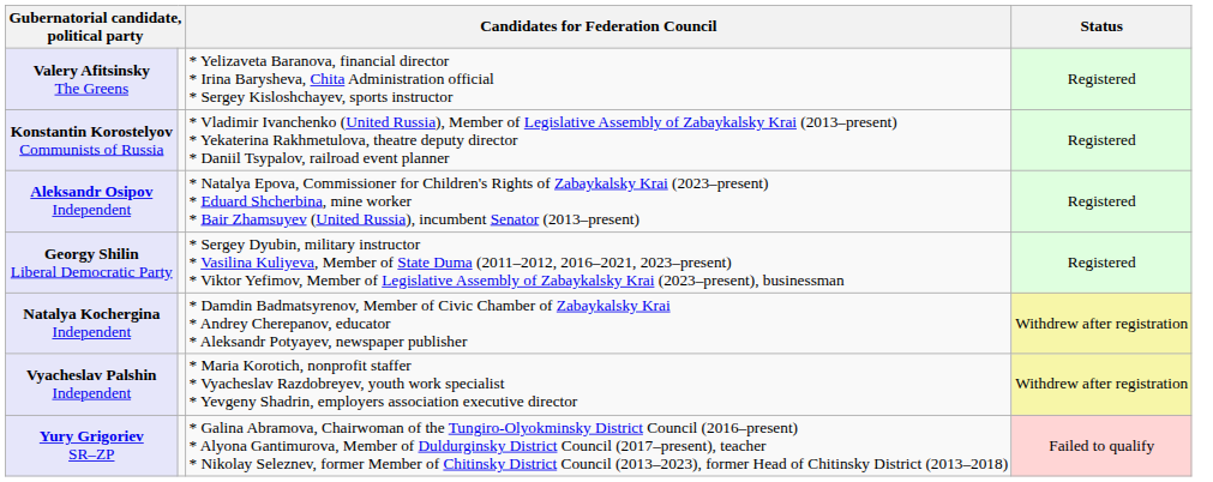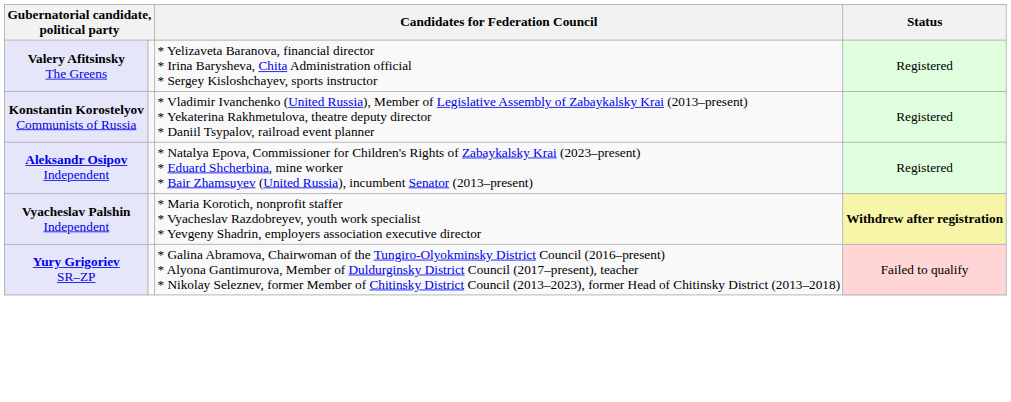 <table class="wikitable" style="text-align:center;">
 <tr>
 <th colspan="2">Gubernatorial candidate,<br>political party</th>
 <th>Candidates for Federation Council</th>
 <th>Status</th>
 </tr>
 <tr>
 <td style="background:lavender;"><strong>Valery Afitsinsky</strong><br><a href='#'>The Greens</a></td>
 <td style="background-color:"></td>
 <td align=left>* Yelizaveta Baranova, financial director<br>* Irina Barysheva, <a href='#'>Chita</a> Administration official<br>* Sergey Kisloshchayev, sports instructor</td>
 <td bgcolor="#DFFFDF">Registered</td>
 </tr>
 <tr>
 <td style="background:lavender;"><strong>Konstantin Korostelyov</strong><br><a href='#'>Communists of Russia</a></td>
 <td style="background-color:"></td>
 <td align=left>* Vladimir Ivanchenko (<a href='#'>United Russia</a>), Member of <a href='#'>Legislative Assembly of Zabaykalsky Krai</a> (2013–present)<br>* Yekaterina Rakhmetulova, theatre deputy director<br>* Daniil Tsypalov, railroad event planner</td>
 <td bgcolor="#DFFFDF">Registered</td>
 </tr>
 <tr>
 <td style="background:lavender;"><strong><a href='#'>Aleksandr Osipov</a></strong><br><a href='#'>Independent</a></td>
 <td style="background-color:"></td>
 <td align=left>* Natalya Epova, Commissioner for Children's Rights of <a href='#'>Zabaykalsky Krai</a> (2023–present)<br>* <a href='#'>Eduard Shcherbina</a>, mine worker<br>* <a href='#'>Bair Zhamsuyev</a> (<a href='#'>United Russia</a>), incumbent <a href='#'>Senator</a> (2013–present)</td>
 <td bgcolor="#DFFFDF">Registered</td>
 </tr>
 <tr>
-<td style="background:lavender;"><strong>Georgy Shilin</strong><br><a href='#'>Liberal Democratic Party</a></td>
-<td style="background-color:"></td>
-<td align=left>* Sergey Dyubin, military instructor<br>* <a href='#'>Vasilina Kuliyeva</a>, Member of <a href='#'>State Duma</a> (2011–2012, 2016–2021, 2023–present)<br>* Viktor Yefimov, Member of <a href='#'>Legislative Assembly of Zabaykalsky Krai</a> (2023–present), businessman</td>
-<td bgcolor="#DFFFDF">Registered</td>
-</tr>
-<tr>
-<td style="background:lavender;"><strong>Natalya Kochergina</strong><br><a href='#'>Independent</a></td>
-<td style="background-color:"></td>
-<td align=left>* Damdin Badmatsyrenov, Member of Civic Chamber of <a href='#'>Zabaykalsky Krai</a><br>* Andrey Cherepanov, educator<br>* Aleksandr Potyayev, newspaper publisher</td>
-<td bgcolor="#F7F6A8">Withdrew after registration</td>
-</tr>
-<tr>
 <td style="background:lavender;"><strong>Vyacheslav Palshin</strong><br><a href='#'>Independent</a></td>
 <td style="background-color:"></td>
 <td align=left>* Maria Korotich, nonprofit staffer<br>* Vyacheslav Razdobreyev, youth work specialist<br>* Yevgeny Shadrin, employers association executive director</td>
-<td bgcolor="#F7F6A8">Withdrew after registration</td>
+<td bgcolor="#F7F6A8"><strong>Withdrew after registration</strong></td>
 </tr>
 <tr>
 <td style="background:lavender;"><strong><a href='#'>Yury Grigoriev</a></strong><br><a href='#'>SR–ZP</a></td>
 <td style="background-color:"></td>
 <td align=left>* Galina Abramova, Chairwoman of the <a href='#'>Tungiro-Olyokminsky District</a> Council (2016–present)<br>* Alyona Gantimurova, Member of <a href='#'>Duldurginsky District</a> Council (2017–present), teacher<br>* Nikolay Seleznev, former Member of <a href='#'>Chitinsky District</a> Council (2013–2023), former Head of Chitinsky District (2013–2018)</td>
 <td bgcolor="#FFD5D5">Failed to qualify</td>
 </tr>
 </table>
